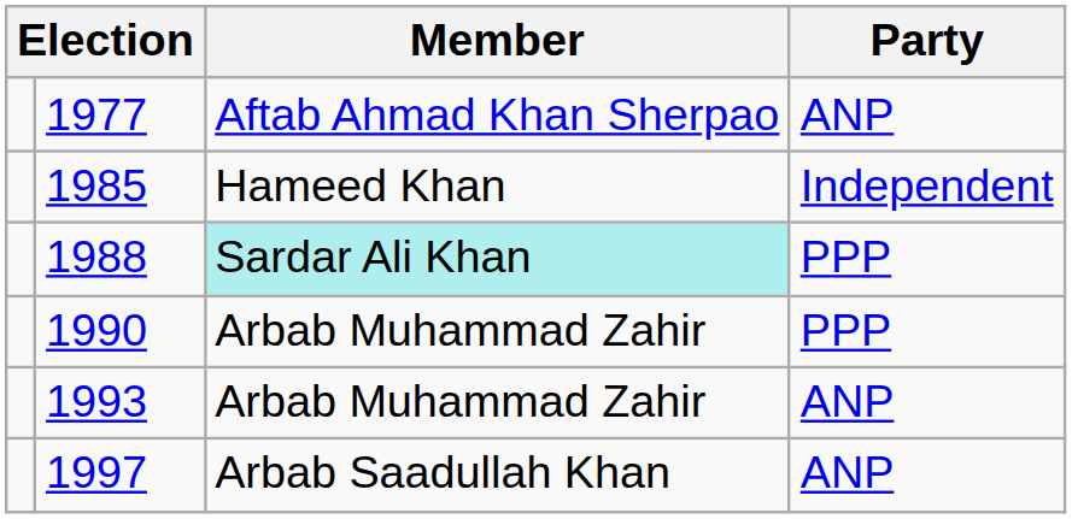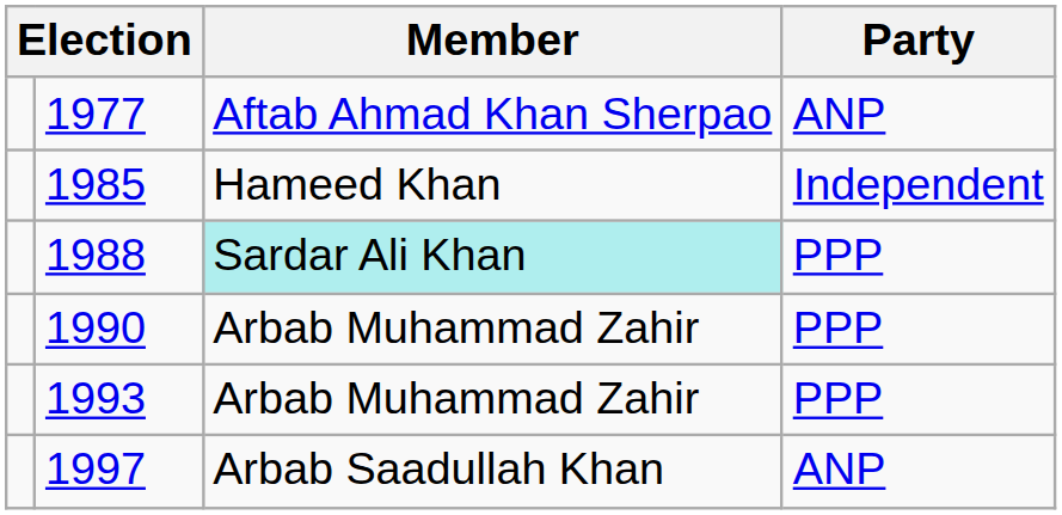 <table class="wikitable">
 <tr>
 <th colspan="2">Election</th>
 <th>Member</th>
 <th>Party</th>
 </tr>
 <tr>
 <td style="background-color: "></td>
 <td><a href='#'>1977</a></td>
 <td><a href='#'>Aftab Ahmad Khan Sherpao</a></td>
 <td><a href='#'>ANP</a></td>
 </tr>
 <tr>
 <td style="background-color: "></td>
 <td><a href='#'>1985</a></td>
 <td>Hameed Khan</td>
 <td><a href='#'>Independent</a></td>
 </tr>
 <tr>
 <td style="background-color: "></td>
 <td><a href='#'>1988</a></td>
 <td style="background: paleturquoise;">Sardar Ali Khan</td>
 <td><a href='#'>PPP</a></td>
 </tr>
 <tr>
 <td style="background-color: "></td>
 <td><a href='#'>1990</a></td>
 <td>Arbab Muhammad Zahir</td>
 <td><a href='#'>PPP</a></td>
 </tr>
 <tr>
 <td style="background-color: "></td>
 <td><a href='#'>1993</a></td>
 <td>Arbab Muhammad Zahir</td>
-<td><a href='#'>ANP</a></td>
+<td><a href='#'>PPP</a></td>
 </tr>
 <tr>
 <td style="background-color: "></td>
 <td><a href='#'>1997</a></td>
 <td>Arbab Saadullah Khan</td>
 <td><a href='#'>ANP</a></td>
 </tr>
 </table>
